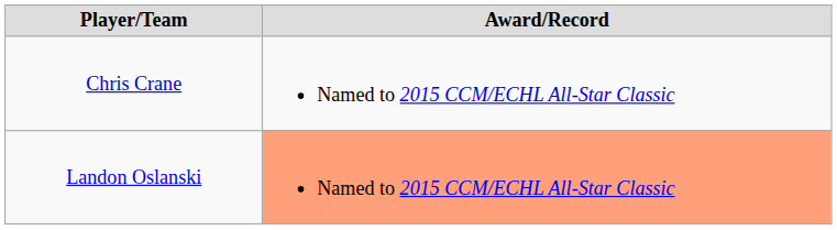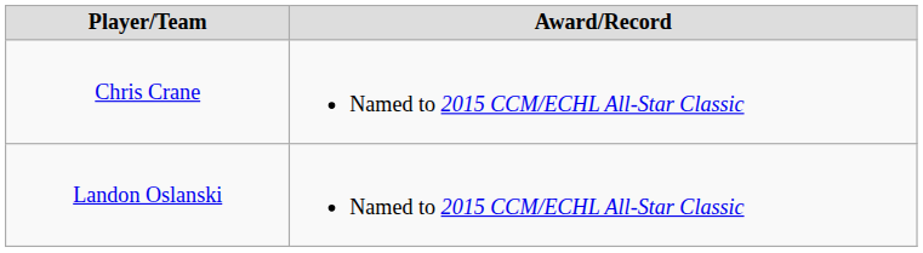 <table class="wikitable" style="text-align: center;">
 <tr align="center" bgcolor="dddddd">
 <td><strong>Player/Team</strong></td>
 <td><strong>Award/Record</strong></td>
 </tr>
 <tr>
 <td style="width: 200px; height: 2px; text-align: center"><a href='#'>Chris Crane</a></td>
 <td style="width: 450px; height: 2px; text-align: left"><br><ul><li>Named to <em><a href='#'>2015 CCM/ECHL All-Star Classic</a></em></li></ul></td>
 </tr>
 <tr>
 <td style="width: 200px; height: 2px; text-align: center"><a href='#'>Landon Oslanski</a></td>
-<td style="background: lightsalmon; width: 450px; height: 2px; text-align: left"><br><ul><li>Named to <em><a href='#'>2015 CCM/ECHL All-Star Classic</a></em></li></ul></td>
+<td style="width: 450px; height: 2px; text-align: left"><br><ul><li>Named to <em><a href='#'>2015 CCM/ECHL All-Star Classic</a></em></li></ul></td>
 </tr>
 </table>
